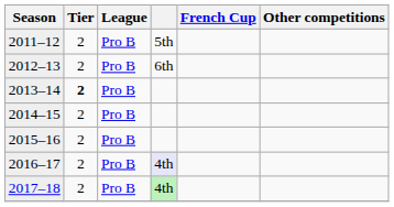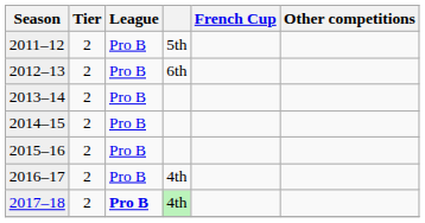 <table class="wikitable" style="font-size:85%;">
 <tr>
 <th>Season</th>
 <th>Tier</th>
 <th>League</th>
 <th></th>
 <th><a href='#'>French Cup</a></th>
 <th colspan=2>Other competitions</th>
 </tr>
 <tr>
 <td style="background:#efefef;">2011–12</td>
 <td align="center">2</td>
 <td><a href='#'>Pro B</a></td>
 <td align="center">5th</td>
 <td></td>
 <td colspan=2></td>
 </tr>
 <tr>
 <td style="background:#efefef;">2012–13</td>
 <td align="center">2</td>
 <td><a href='#'>Pro B</a></td>
 <td align="center">6th</td>
 <td></td>
 <td colspan=2></td>
 </tr>
 <tr>
 <td style="background:#efefef;">2013–14</td>
-<td align="center"><strong>2</strong></td>
+<td align="center">2</td>
 <td><a href='#'>Pro B</a></td>
 <td></td>
 <td></td>
 <td colspan=2></td>
 </tr>
 <tr>
 <td style="background:#efefef;">2014–15</td>
 <td align="center">2</td>
 <td><a href='#'>Pro B</a></td>
 <td></td>
 <td></td>
 <td colspan=2></td>
 </tr>
 <tr>
 <td style="background:#efefef;">2015–16</td>
 <td align="center">2</td>
 <td><a href='#'>Pro B</a></td>
 <td></td>
 <td></td>
 <td colspan=2></td>
 </tr>
 <tr>
 <td style="background:#efefef;">2016–17</td>
 <td align="center">2</td>
 <td><a href='#'>Pro B</a></td>
-<td align="center" style="background: lavender;">4th</td>
+<td align="center">4th</td>
 <td></td>
 <td colspan=2></td>
 </tr>
 <tr>
 <td style="background:#efefef;"><a href='#'>2017–18</a></td>
 <td align="center">2</td>
-<td><a href='#'>Pro B</a></td>
+<td><strong><a href='#'>Pro B</a></strong></td>
 <td style="background:#BBF3BB" align="center">4th</td>
 <td></td>
 <td colspan=2></td>
 </tr>
 <tr>
 </tr>
 </table>
